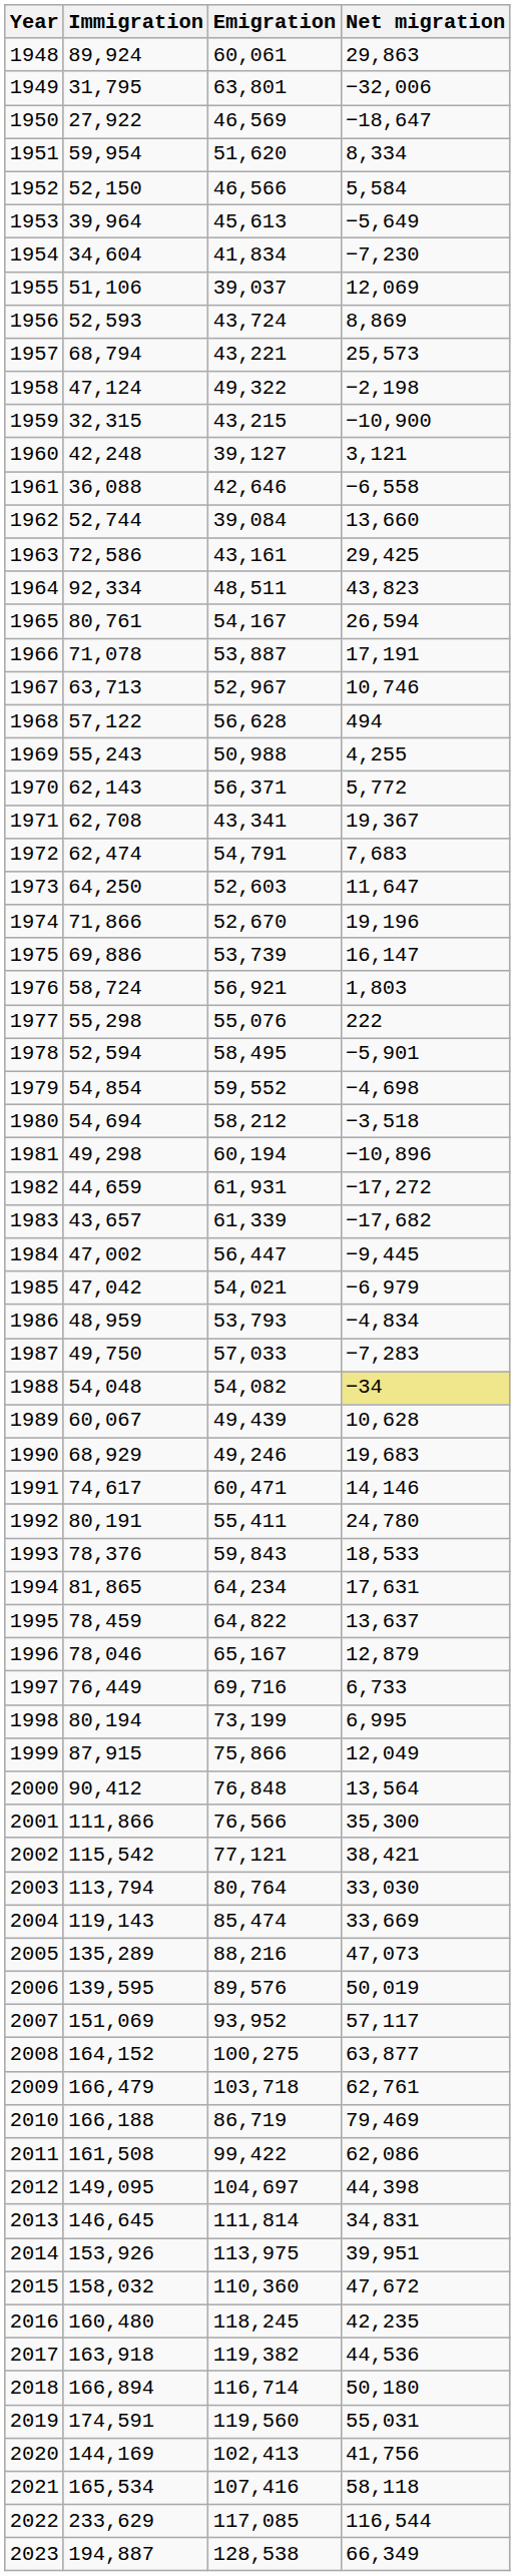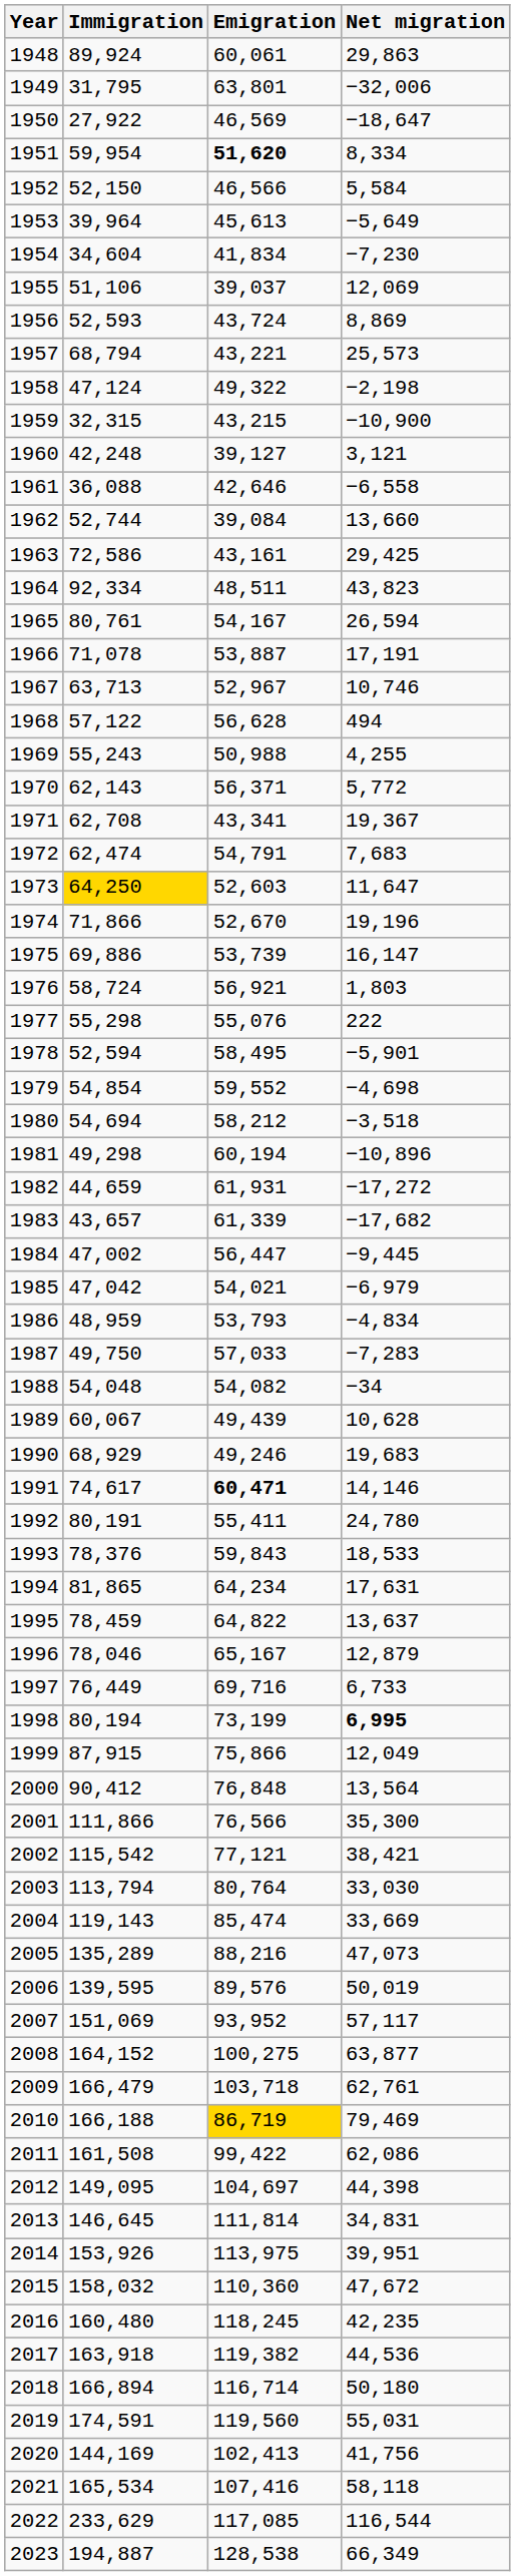 <table class="wikitable sortable">
 <tr>
 <th>Year</th>
 <th>Immigration</th>
 <th>Emigration</th>
 <th>Net migration</th>
 </tr>
 <tr>
 <td>1948</td>
 <td>89,924</td>
 <td>60,061</td>
 <td>29,863</td>
 </tr>
 <tr>
 <td>1949</td>
 <td>31,795</td>
 <td>63,801</td>
 <td>−32,006</td>
 </tr>
 <tr>
 <td>1950</td>
 <td>27,922</td>
 <td>46,569</td>
 <td>−18,647</td>
 </tr>
 <tr>
 <td>1951</td>
 <td>59,954</td>
-<td>51,620</td>
+<td><strong>51,620</strong></td>
 <td>8,334</td>
 </tr>
 <tr>
 <td>1952</td>
 <td>52,150</td>
 <td>46,566</td>
 <td>5,584</td>
 </tr>
 <tr>
 <td>1953</td>
 <td>39,964</td>
 <td>45,613</td>
 <td>−5,649</td>
 </tr>
 <tr>
 <td>1954</td>
 <td>34,604</td>
 <td>41,834</td>
 <td>−7,230</td>
 </tr>
 <tr>
 <td>1955</td>
 <td>51,106</td>
 <td>39,037</td>
 <td>12,069</td>
 </tr>
 <tr>
 <td>1956</td>
 <td>52,593</td>
 <td>43,724</td>
 <td>8,869</td>
 </tr>
 <tr>
 <td>1957</td>
 <td>68,794</td>
 <td>43,221</td>
 <td>25,573</td>
 </tr>
 <tr>
 <td>1958</td>
 <td>47,124</td>
 <td>49,322</td>
 <td>−2,198</td>
 </tr>
 <tr>
 <td>1959</td>
 <td>32,315</td>
 <td>43,215</td>
 <td>−10,900</td>
 </tr>
 <tr>
 <td>1960</td>
 <td>42,248</td>
 <td>39,127</td>
 <td>3,121</td>
 </tr>
 <tr>
 <td>1961</td>
 <td>36,088</td>
 <td>42,646</td>
 <td>−6,558</td>
 </tr>
 <tr>
 <td>1962</td>
 <td>52,744</td>
 <td>39,084</td>
 <td>13,660</td>
 </tr>
 <tr>
 <td>1963</td>
 <td>72,586</td>
 <td>43,161</td>
 <td>29,425</td>
 </tr>
 <tr>
 <td>1964</td>
 <td>92,334</td>
 <td>48,511</td>
 <td>43,823</td>
 </tr>
 <tr>
 <td>1965</td>
 <td>80,761</td>
 <td>54,167</td>
 <td>26,594</td>
 </tr>
 <tr>
 <td>1966</td>
 <td>71,078</td>
 <td>53,887</td>
 <td>17,191</td>
 </tr>
 <tr>
 <td>1967</td>
 <td>63,713</td>
 <td>52,967</td>
 <td>10,746</td>
 </tr>
 <tr>
 <td>1968</td>
 <td>57,122</td>
 <td>56,628</td>
 <td>494</td>
 </tr>
 <tr>
 <td>1969</td>
 <td>55,243</td>
 <td>50,988</td>
 <td>4,255</td>
 </tr>
 <tr>
 <td>1970</td>
 <td>62,143</td>
 <td>56,371</td>
 <td>5,772</td>
 </tr>
 <tr>
 <td>1971</td>
 <td>62,708</td>
 <td>43,341</td>
 <td>19,367</td>
 </tr>
 <tr>
 <td>1972</td>
 <td>62,474</td>
 <td>54,791</td>
 <td>7,683</td>
 </tr>
 <tr>
 <td>1973</td>
-<td>64,250</td>
+<td style="background: gold;">64,250</td>
 <td>52,603</td>
 <td>11,647</td>
 </tr>
 <tr>
 <td>1974</td>
 <td>71,866</td>
 <td>52,670</td>
 <td>19,196</td>
 </tr>
 <tr>
 <td>1975</td>
 <td>69,886</td>
 <td>53,739</td>
 <td>16,147</td>
 </tr>
 <tr>
 <td>1976</td>
 <td>58,724</td>
 <td>56,921</td>
 <td>1,803</td>
 </tr>
 <tr>
 <td>1977</td>
 <td>55,298</td>
 <td>55,076</td>
 <td>222</td>
 </tr>
 <tr>
 <td>1978</td>
 <td>52,594</td>
 <td>58,495</td>
 <td>−5,901</td>
 </tr>
 <tr>
 <td>1979</td>
 <td>54,854</td>
 <td>59,552</td>
 <td>−4,698</td>
 </tr>
 <tr>
 <td>1980</td>
 <td>54,694</td>
 <td>58,212</td>
 <td>−3,518</td>
 </tr>
 <tr>
 <td>1981</td>
 <td>49,298</td>
 <td>60,194</td>
 <td>−10,896</td>
 </tr>
 <tr>
 <td>1982</td>
 <td>44,659</td>
 <td>61,931</td>
 <td>−17,272</td>
 </tr>
 <tr>
 <td>1983</td>
 <td>43,657</td>
 <td>61,339</td>
 <td>−17,682</td>
 </tr>
 <tr>
 <td>1984</td>
 <td>47,002</td>
 <td>56,447</td>
 <td>−9,445</td>
 </tr>
 <tr>
 <td>1985</td>
 <td>47,042</td>
 <td>54,021</td>
 <td>−6,979</td>
 </tr>
 <tr>
 <td>1986</td>
 <td>48,959</td>
 <td>53,793</td>
 <td>−4,834</td>
 </tr>
 <tr>
 <td>1987</td>
 <td>49,750</td>
 <td>57,033</td>
 <td>−7,283</td>
 </tr>
 <tr>
 <td>1988</td>
 <td>54,048</td>
 <td>54,082</td>
-<td style="background: khaki;">−34</td>
+<td>−34</td>
 </tr>
 <tr>
 <td>1989</td>
 <td>60,067</td>
 <td>49,439</td>
 <td>10,628</td>
 </tr>
 <tr>
 <td>1990</td>
 <td>68,929</td>
 <td>49,246</td>
 <td>19,683</td>
 </tr>
 <tr>
 <td>1991</td>
 <td>74,617</td>
-<td>60,471</td>
+<td><strong>60,471</strong></td>
 <td>14,146</td>
 </tr>
 <tr>
 <td>1992</td>
 <td>80,191</td>
 <td>55,411</td>
 <td>24,780</td>
 </tr>
 <tr>
 <td>1993</td>
 <td>78,376</td>
 <td>59,843</td>
 <td>18,533</td>
 </tr>
 <tr>
 <td>1994</td>
 <td>81,865</td>
 <td>64,234</td>
 <td>17,631</td>
 </tr>
 <tr>
 <td>1995</td>
 <td>78,459</td>
 <td>64,822</td>
 <td>13,637</td>
 </tr>
 <tr>
 <td>1996</td>
 <td>78,046</td>
 <td>65,167</td>
 <td>12,879</td>
 </tr>
 <tr>
 <td>1997</td>
 <td>76,449</td>
 <td>69,716</td>
 <td>6,733</td>
 </tr>
 <tr>
 <td>1998</td>
 <td>80,194</td>
 <td>73,199</td>
-<td>6,995</td>
+<td><strong>6,995</strong></td>
 </tr>
 <tr>
 <td>1999</td>
 <td>87,915</td>
 <td>75,866</td>
 <td>12,049</td>
 </tr>
 <tr>
 <td>2000</td>
 <td>90,412</td>
 <td>76,848</td>
 <td>13,564</td>
 </tr>
 <tr>
 <td>2001</td>
 <td>111,866</td>
 <td>76,566</td>
 <td>35,300</td>
 </tr>
 <tr>
 <td>2002</td>
 <td>115,542</td>
 <td>77,121</td>
 <td>38,421</td>
 </tr>
 <tr>
 <td>2003</td>
 <td>113,794</td>
 <td>80,764</td>
 <td>33,030</td>
 </tr>
 <tr>
 <td>2004</td>
 <td>119,143</td>
 <td>85,474</td>
 <td>33,669</td>
 </tr>
 <tr>
 <td>2005</td>
 <td>135,289</td>
 <td>88,216</td>
 <td>47,073</td>
 </tr>
 <tr>
 <td>2006</td>
 <td>139,595</td>
 <td>89,576</td>
 <td>50,019</td>
 </tr>
 <tr>
 <td>2007</td>
 <td>151,069</td>
 <td>93,952</td>
 <td>57,117</td>
 </tr>
 <tr>
 <td>2008</td>
 <td>164,152</td>
 <td>100,275</td>
 <td>63,877</td>
 </tr>
 <tr>
 <td>2009</td>
 <td>166,479</td>
 <td>103,718</td>
 <td>62,761</td>
 </tr>
 <tr>
 <td>2010</td>
 <td>166,188</td>
-<td>86,719</td>
+<td style="background: gold;">86,719</td>
 <td>79,469</td>
 </tr>
 <tr>
 <td>2011</td>
 <td>161,508</td>
 <td>99,422</td>
 <td>62,086</td>
 </tr>
 <tr>
 <td>2012</td>
 <td>149,095</td>
 <td>104,697</td>
 <td>44,398</td>
 </tr>
 <tr>
 <td>2013</td>
 <td>146,645</td>
 <td>111,814</td>
 <td>34,831</td>
 </tr>
 <tr>
 <td>2014</td>
 <td>153,926</td>
 <td>113,975</td>
 <td>39,951</td>
 </tr>
 <tr>
 <td>2015</td>
 <td>158,032</td>
 <td>110,360</td>
 <td>47,672</td>
 </tr>
 <tr>
 <td>2016</td>
 <td>160,480</td>
 <td>118,245</td>
 <td>42,235</td>
 </tr>
 <tr>
 <td>2017</td>
 <td>163,918</td>
 <td>119,382</td>
 <td>44,536</td>
 </tr>
 <tr>
 <td>2018</td>
 <td>166,894</td>
 <td>116,714</td>
 <td>50,180</td>
 </tr>
 <tr>
 <td>2019</td>
 <td>174,591</td>
 <td>119,560</td>
 <td>55,031</td>
 </tr>
 <tr>
 <td>2020</td>
 <td>144,169</td>
 <td>102,413</td>
 <td>41,756</td>
 </tr>
 <tr>
 <td>2021</td>
 <td>165,534</td>
 <td>107,416</td>
 <td>58,118</td>
 </tr>
 <tr>
 <td>2022</td>
 <td>233,629</td>
 <td>117,085</td>
 <td>116,544</td>
 </tr>
 <tr>
 <td>2023</td>
 <td>194,887</td>
 <td>128,538</td>
 <td>66,349</td>
 </tr>
 </table>
